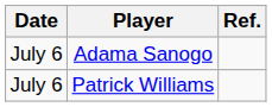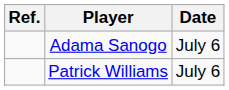 <table class="wikitable sortable sortable" style="text-align: center">
 <tr>
+<th>Ref.</th>
+<th>Player</th>
 <th>Date</th>
-<th>Player</th>
-<th>Ref.</th>
 </tr>
 <tr>
+<td></td>
+<td><a href='#'>Adama Sanogo</a></td>
 <td>July 6</td>
-<td><a href='#'>Adama Sanogo</a></td>
-<td></td>
 </tr>
 <tr>
+<td></td>
+<td><a href='#'>Patrick Williams</a></td>
 <td>July 6</td>
-<td><a href='#'>Patrick Williams</a></td>
-<td></td>
 </tr>
 </table>
